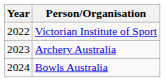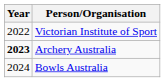 <table class="wikitable">
 <tr>
 <th>Year</th>
 <th>Person/Organisation</th>
 </tr>
 <tr>
 <td>2022</td>
 <td><a href='#'>Victorian Institute of Sport</a></td>
 </tr>
 <tr>
-<td>2023</td>
+<td><strong>2023</strong></td>
 <td><a href='#'>Archery Australia</a></td>
 </tr>
 <tr>
 <td>2024</td>
 <td><a href='#'>Bowls Australia</a></td>
 </tr>
 </table>
